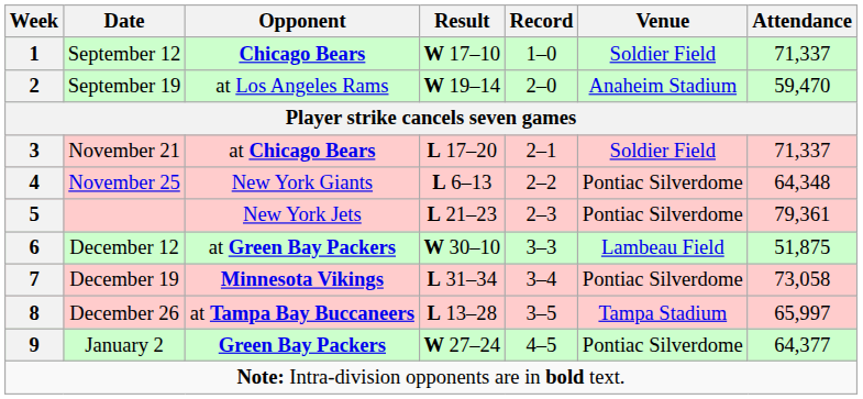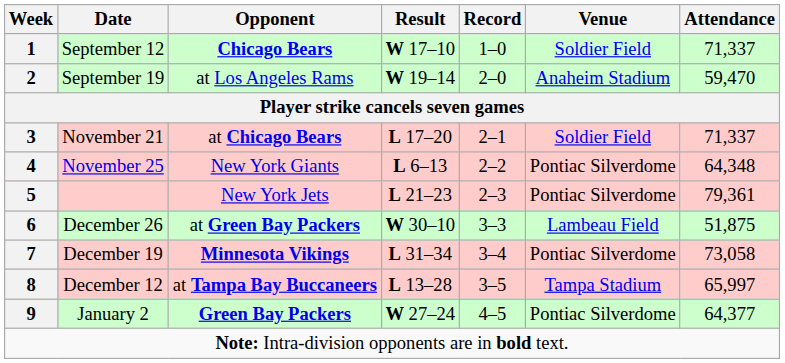 <table class="wikitable" style="text-align:center;">
 <tr>
 <th>Week</th>
 <th>Date</th>
 <th>Opponent</th>
 <th>Result</th>
 <th>Record</th>
 <th>Venue</th>
 <th>Attendance</th>
 </tr>
 <tr style="background:#cfc">
 <th>1</th>
 <td>September 12</td>
 <td><strong><a href='#'>Chicago Bears</a></strong></td>
 <td><strong>W</strong> 17–10</td>
 <td>1–0</td>
 <td><a href='#'>Soldier Field</a></td>
 <td>71,337</td>
 </tr>
 <tr style="background:#cfc">
 <th>2</th>
 <td>September 19</td>
 <td>at <a href='#'>Los Angeles Rams</a></td>
 <td><strong>W</strong> 19–14</td>
 <td>2–0</td>
 <td><a href='#'>Anaheim Stadium</a></td>
 <td>59,470</td>
 </tr>
 <tr>
 <th colspan="7" style="text-align:center;">Player strike cancels seven games</th>
 </tr>
 <tr style="background:#fcc">
 <th>3</th>
 <td>November 21</td>
 <td>at <strong><a href='#'>Chicago Bears</a></strong></td>
 <td><strong>L</strong> 17–20</td>
 <td>2–1</td>
 <td><a href='#'>Soldier Field</a></td>
 <td>71,337</td>
 </tr>
 <tr style="background:#fcc">
 <th>4</th>
 <td><a href='#'>November 25</a></td>
 <td><a href='#'>New York Giants</a></td>
 <td><strong>L</strong> 6–13</td>
 <td>2–2</td>
 <td>Pontiac Silverdome</td>
 <td>64,348</td>
 </tr>
 <tr style="background:#fcc">
 <th>5</th>
 <td></td>
 <td><a href='#'>New York Jets</a></td>
 <td><strong>L</strong> 21–23</td>
 <td>2–3</td>
 <td>Pontiac Silverdome</td>
 <td>79,361</td>
 </tr>
 <tr style="background:#cfc">
 <th>6</th>
-<td>December 12</td>
+<td>December 26</td>
 <td>at <strong><a href='#'>Green Bay Packers</a></strong></td>
 <td><strong>W</strong> 30–10</td>
 <td>3–3</td>
 <td><a href='#'>Lambeau Field</a></td>
 <td>51,875</td>
 </tr>
 <tr style="background:#fcc">
 <th>7</th>
 <td>December 19</td>
 <td><strong><a href='#'>Minnesota Vikings</a></strong></td>
 <td><strong>L</strong> 31–34</td>
 <td>3–4</td>
 <td>Pontiac Silverdome</td>
 <td>73,058</td>
 </tr>
 <tr style="background:#fcc">
 <th>8</th>
-<td>December 26</td>
+<td>December 12</td>
 <td>at <strong><a href='#'>Tampa Bay Buccaneers</a></strong></td>
 <td><strong>L</strong> 13–28</td>
 <td>3–5</td>
 <td><a href='#'>Tampa Stadium</a></td>
 <td>65,997</td>
 </tr>
 <tr style="background:#cfc">
 <th>9</th>
 <td>January 2</td>
 <td><strong><a href='#'>Green Bay Packers</a></strong></td>
 <td><strong>W</strong> 27–24</td>
 <td>4–5</td>
 <td>Pontiac Silverdome</td>
 <td>64,377</td>
 </tr>
 <tr>
 <td colspan="7"><strong>Note:</strong> Intra-division opponents are in <strong>bold</strong> text.</td>
 </tr>
 </table>
